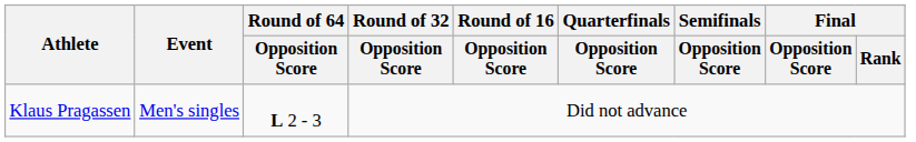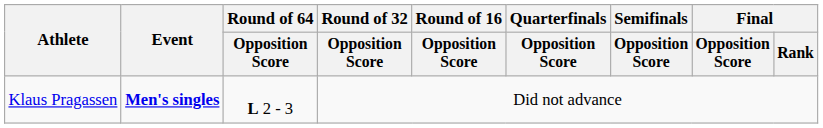 <table class=wikitable style="font-size:90%">
 <tr>
 <th rowspan=2>Athlete</th>
 <th rowspan=2>Event</th>
 <th>Round of 64</th>
 <th>Round of 32</th>
 <th>Round of 16</th>
 <th>Quarterfinals</th>
 <th>Semifinals</th>
 <th colspan=2>Final</th>
 </tr>
 <tr style="font-size:95%">
 <th>Opposition<br>Score</th>
 <th>Opposition<br>Score</th>
 <th>Opposition<br>Score</th>
 <th>Opposition<br>Score</th>
 <th>Opposition<br>Score</th>
 <th>Opposition<br>Score</th>
 <th>Rank</th>
 </tr>
 <tr align=center>
 <td align=left><a href='#'>Klaus Pragassen</a></td>
-<td align=left><a href='#'>Men's singles</a></td>
+<td align=left><strong><a href='#'>Men's singles</a></strong></td>
 <td><br><strong>L</strong> 2 - 3</td>
 <td colspan=6>Did not advance</td>
 </tr>
 </table>
